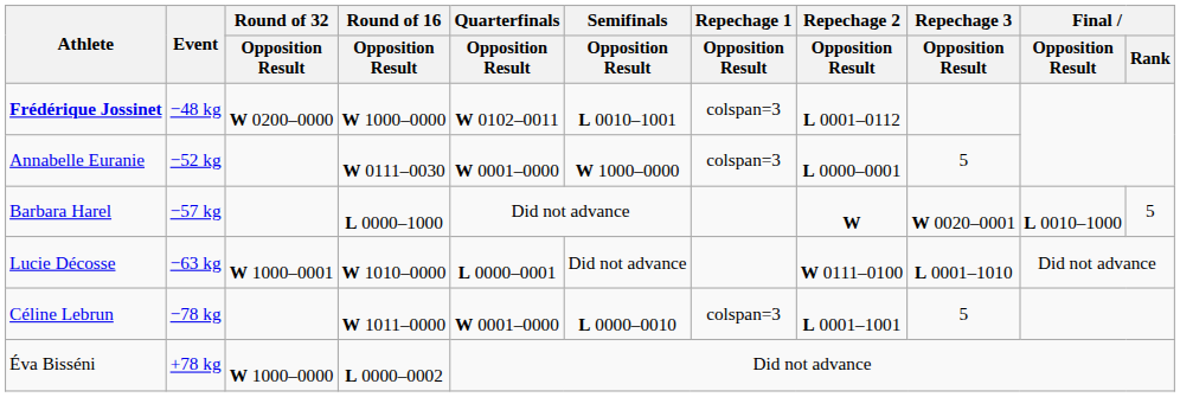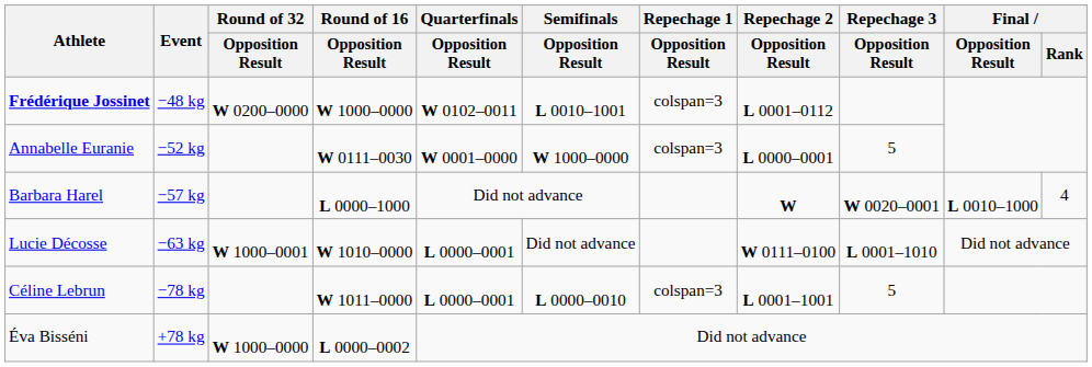 <table class="wikitable" style="font-size:90%">
 <tr>
 <th rowspan="2">Athlete</th>
 <th rowspan="2">Event</th>
 <th>Round of 32</th>
 <th>Round of 16</th>
 <th>Quarterfinals</th>
 <th>Semifinals</th>
 <th>Repechage 1</th>
 <th>Repechage 2</th>
 <th>Repechage 3</th>
 <th colspan=2>Final / </th>
 </tr>
 <tr style="font-size:95%">
 <th>Opposition<br>Result</th>
 <th>Opposition<br>Result</th>
 <th>Opposition<br>Result</th>
 <th>Opposition<br>Result</th>
 <th>Opposition<br>Result</th>
 <th>Opposition<br>Result</th>
 <th>Opposition<br>Result</th>
 <th>Opposition<br>Result</th>
 <th>Rank</th>
 </tr>
 <tr align=center>
 <td align=left><strong><a href='#'>Frédérique Jossinet</a></strong></td>
 <td align=left><a href='#'>−48 kg</a></td>
 <td><br><strong>W</strong> 0200–0000</td>
 <td><br><strong>W</strong> 1000–0000</td>
 <td><br><strong>W</strong> 0102–0011</td>
 <td><br><strong>L</strong> 0010–1001</td>
 <td>colspan=3 </td>
 <td><br><strong>L</strong> 0001–0112</td>
 <td></td>
 </tr>
 <tr align=center>
 <td align=left><a href='#'>Annabelle Euranie</a></td>
 <td align=left><a href='#'>−52 kg</a></td>
 <td></td>
 <td><br><strong>W</strong> 0111–0030</td>
 <td><br><strong>W</strong> 0001–0000</td>
 <td><br><strong>W</strong> 1000–0000</td>
 <td>colspan=3 </td>
 <td><br><strong>L</strong> 0000–0001</td>
 <td>5</td>
 </tr>
 <tr align=center>
 <td align=left><a href='#'>Barbara Harel</a></td>
 <td align=left><a href='#'>−57 kg</a></td>
 <td></td>
 <td><br><strong>L</strong> 0000–1000</td>
 <td colspan=2>Did not advance</td>
 <td></td>
 <td><br><strong>W</strong> </td>
 <td><br><strong>W</strong> 0020–0001</td>
 <td><br><strong>L</strong> 0010–1000</td>
-<td>5</td>
+<td>4</td>
 </tr>
 <tr align=center>
 <td align=left><a href='#'>Lucie Décosse</a></td>
 <td align=left><a href='#'>−63 kg</a></td>
 <td><br><strong>W</strong> 1000–0001</td>
 <td><br><strong>W</strong> 1010–0000</td>
 <td><br><strong>L</strong> 0000–0001</td>
 <td>Did not advance</td>
 <td></td>
 <td><br><strong>W</strong> 0111–0100</td>
 <td><br><strong>L</strong> 0001–1010</td>
 <td colspan=2>Did not advance</td>
 </tr>
 <tr align=center>
 <td align=left><a href='#'>Céline Lebrun</a></td>
 <td align=left><a href='#'>−78 kg</a></td>
 <td></td>
 <td><br><strong>W</strong> 1011–0000</td>
-<td><br><strong>W</strong> 0001–0000</td>
+<td><br><strong>L</strong> 0000–0001</td>
 <td><br><strong>L</strong> 0000–0010</td>
 <td>colspan=3 </td>
 <td><br><strong>L</strong> 0001–1001</td>
 <td>5</td>
 </tr>
 <tr align=center>
 <td align=left>Éva Bisséni</td>
 <td align=left><a href='#'>+78 kg</a></td>
 <td><br><strong>W</strong> 1000–0000</td>
 <td><br><strong>L</strong> 0000–0002</td>
 <td colspan=7>Did not advance</td>
 </tr>
 </table>
